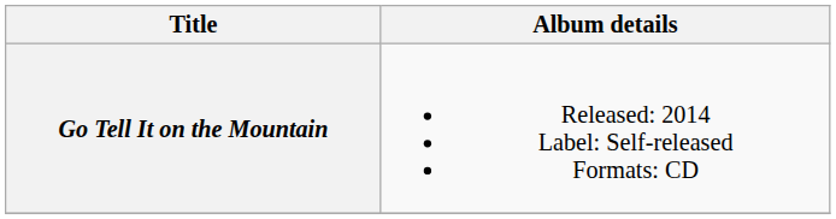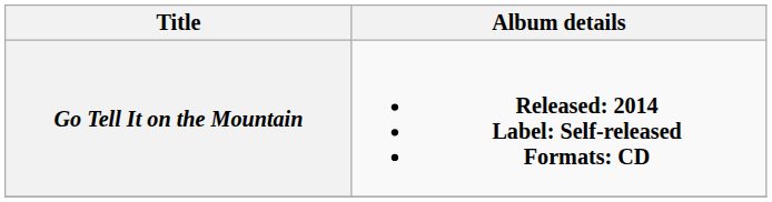 <table class="wikitable plainrowheaders" style="text-align:center;">
 <tr>
 <th scope="col" style="width:15em;">Title</th>
 <th scope="col" style="width:18em;">Album details</th>
 </tr>
 <tr>
 <th scope="row"><em>Go Tell It on the Mountain</em></th>
-<td><br><ul><li>Released: 2014</li><li>Label: Self-released</li><li>Formats: CD</li></ul></td>
+<td><strong><br><ul><li>Released: 2014</li><li>Label: Self-released</li><li>Formats: CD</li></ul></strong></td>
 </tr>
 <tr>
 </tr>
 </table>
